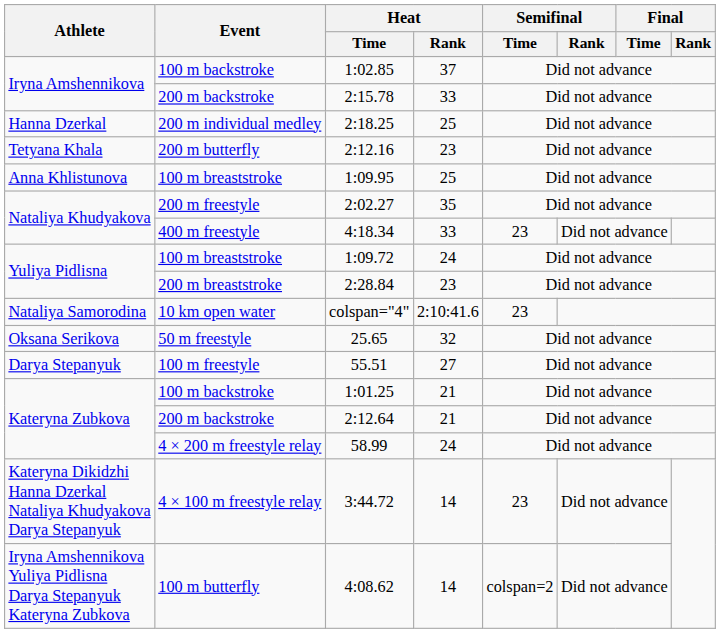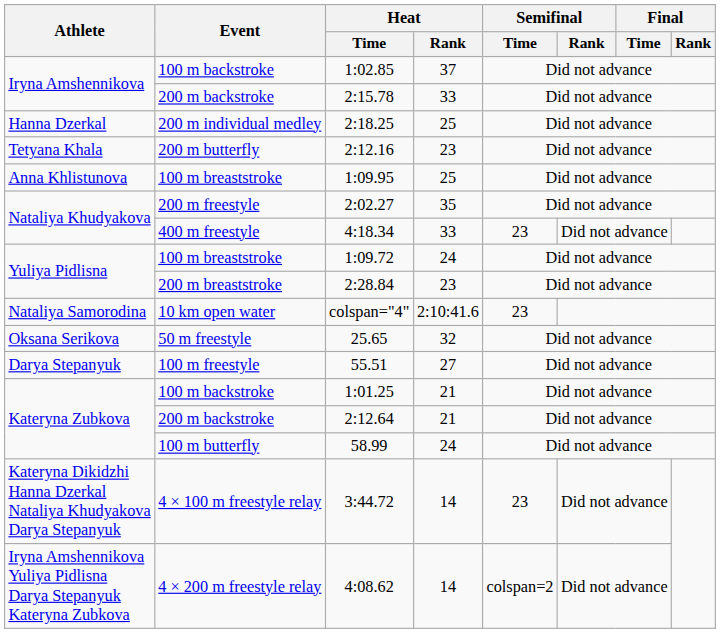 <table class=wikitable style="font-size:90%">
 <tr>
 <th rowspan="2">Athlete</th>
 <th rowspan="2">Event</th>
 <th colspan="2">Heat</th>
 <th colspan="2">Semifinal</th>
 <th colspan="2">Final</th>
 </tr>
 <tr style="font-size:95%">
 <th>Time</th>
 <th>Rank</th>
 <th>Time</th>
 <th>Rank</th>
 <th>Time</th>
 <th>Rank</th>
 </tr>
 <tr align=center>
 <td align=left rowspan=2><a href='#'>Iryna Amshennikova</a></td>
 <td align=left><a href='#'>100 m backstroke</a></td>
 <td>1:02.85</td>
 <td>37</td>
 <td colspan=4>Did not advance</td>
 </tr>
 <tr align=center>
 <td align=left><a href='#'>200 m backstroke</a></td>
 <td>2:15.78</td>
 <td>33</td>
 <td colspan=4>Did not advance</td>
 </tr>
 <tr align=center>
 <td align=left><a href='#'>Hanna Dzerkal</a></td>
 <td align=left><a href='#'>200 m individual medley</a></td>
 <td>2:18.25</td>
 <td>25</td>
 <td colspan=4>Did not advance</td>
 </tr>
 <tr align=center>
 <td align=left><a href='#'>Tetyana Khala</a></td>
 <td align=left><a href='#'>200 m butterfly</a></td>
 <td>2:12.16</td>
 <td>23</td>
 <td colspan=4>Did not advance</td>
 </tr>
 <tr align=center>
 <td align=left><a href='#'>Anna Khlistunova</a></td>
 <td align=left><a href='#'>100 m breaststroke</a></td>
 <td>1:09.95</td>
 <td>25</td>
 <td colspan=4>Did not advance</td>
 </tr>
 <tr align=center>
 <td align=left rowspan=2><a href='#'>Nataliya Khudyakova</a></td>
 <td align=left><a href='#'>200 m freestyle</a></td>
 <td>2:02.27</td>
 <td>35</td>
 <td colspan=4>Did not advance</td>
 </tr>
 <tr align=center>
 <td align=left><a href='#'>400 m freestyle</a></td>
 <td>4:18.34</td>
 <td>33</td>
 <td>23</td>
 <td colspan=2>Did not advance</td>
 </tr>
 <tr align=center>
 <td align=left rowspan=2><a href='#'>Yuliya Pidlisna</a></td>
 <td align=left><a href='#'>100 m breaststroke</a></td>
 <td>1:09.72</td>
 <td>24</td>
 <td colspan=4>Did not advance</td>
 </tr>
 <tr align=center>
 <td align=left><a href='#'>200 m breaststroke</a></td>
 <td>2:28.84</td>
 <td>23</td>
 <td colspan=4>Did not advance</td>
 </tr>
 <tr align=center>
 <td align=left><a href='#'>Nataliya Samorodina</a></td>
 <td align=left><a href='#'>10 km open water</a></td>
 <td>colspan="4" </td>
 <td>2:10:41.6</td>
 <td>23</td>
 </tr>
 <tr align=center>
 <td align=left><a href='#'>Oksana Serikova</a></td>
 <td align=left><a href='#'>50 m freestyle</a></td>
 <td>25.65</td>
 <td>32</td>
 <td colspan=4>Did not advance</td>
 </tr>
 <tr align=center>
 <td align=left><a href='#'>Darya Stepanyuk</a></td>
 <td align=left><a href='#'>100 m freestyle</a></td>
 <td>55.51</td>
 <td>27</td>
 <td colspan=4>Did not advance</td>
 </tr>
 <tr align=center>
 <td align=left rowspan=3><a href='#'>Kateryna Zubkova</a></td>
 <td align=left><a href='#'>100 m backstroke</a></td>
 <td>1:01.25</td>
 <td>21</td>
 <td colspan=4>Did not advance</td>
 </tr>
 <tr align=center>
 <td align=left><a href='#'>200 m backstroke</a></td>
 <td>2:12.64</td>
 <td>21</td>
 <td colspan=4>Did not advance</td>
 </tr>
 <tr align=center>
-<td align=left><a href='#'>4 × 200 m freestyle relay</a></td>
+<td align=left><a href='#'>100 m butterfly</a></td>
 <td>58.99</td>
 <td>24</td>
 <td colspan=4>Did not advance</td>
 </tr>
 <tr align=center>
 <td align=left><a href='#'>Kateryna Dikidzhi</a> <br> <a href='#'>Hanna Dzerkal</a><br> <a href='#'>Nataliya Khudyakova</a><br><a href='#'>Darya Stepanyuk</a></td>
 <td align=left><a href='#'>4 × 100 m freestyle relay</a></td>
 <td>3:44.72</td>
 <td>14</td>
 <td>23</td>
 <td colspan=2>Did not advance</td>
 </tr>
 <tr align=center>
 <td align=left><a href='#'>Iryna Amshennikova</a>  <br> <a href='#'>Yuliya Pidlisna</a> <br> <a href='#'>Darya Stepanyuk</a>  <br> <a href='#'>Kateryna Zubkova</a></td>
-<td align=left><a href='#'>100 m butterfly</a></td>
+<td align=left><a href='#'>4 × 200 m freestyle relay</a></td>
 <td>4:08.62</td>
 <td>14</td>
 <td>colspan=2 </td>
 <td colspan=2>Did not advance</td>
 </tr>
 </table>
